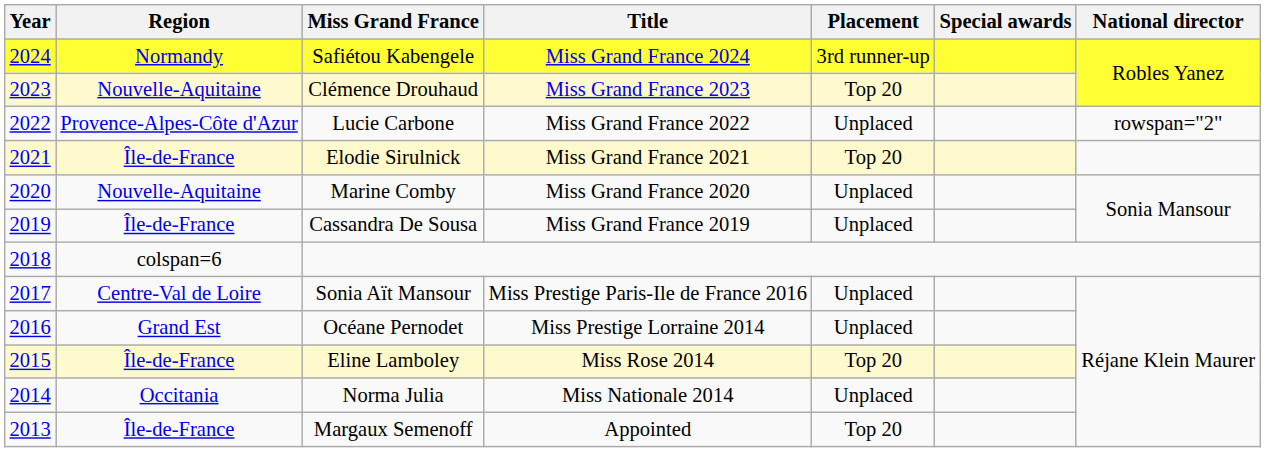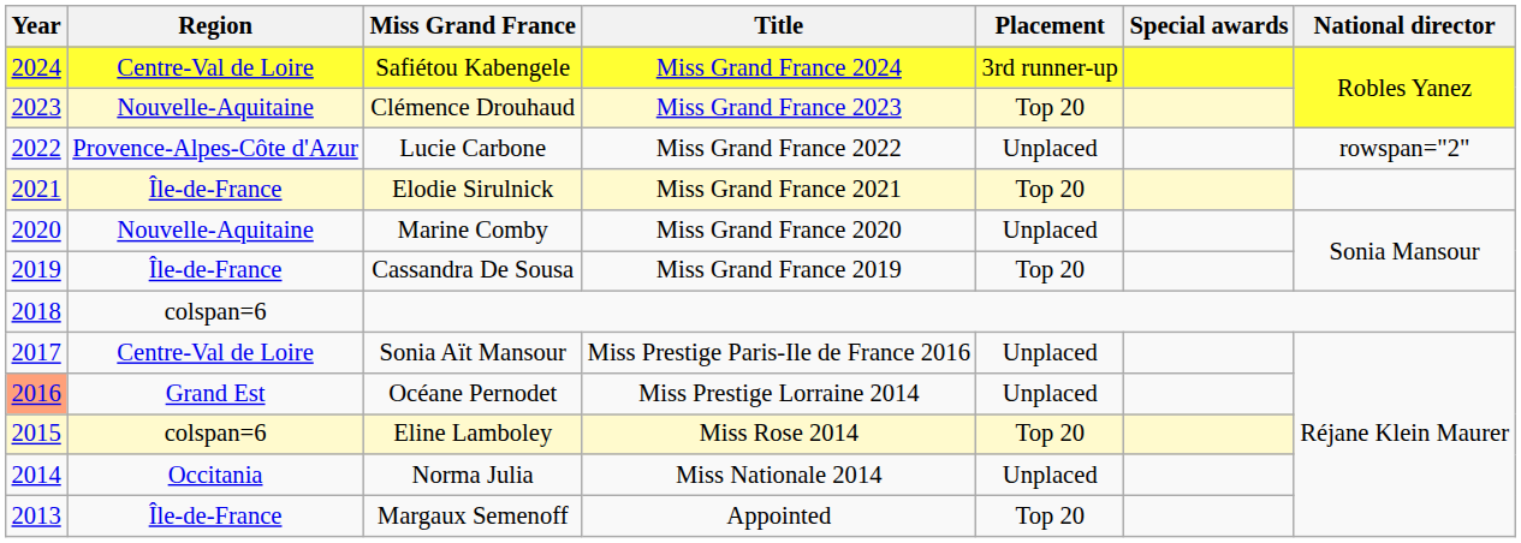 <table class="wikitable" style="font-size: 90%; text-align:center">
 <tr>
 <th>Year</th>
 <th>Region</th>
 <th>Miss Grand France</th>
 <th>Title</th>
 <th>Placement</th>
 <th>Special awards</th>
 <th>National director</th>
 </tr>
 <tr bgcolor=#FFFF33>
 <td><a href='#'>2024</a></td>
-<td><a href='#'>Normandy</a></td>
+<td><a href='#'>Centre-Val de Loire</a></td>
 <td>Safiétou Kabengele</td>
 <td><a href='#'>Miss Grand France 2024</a></td>
 <td>3rd runner-up</td>
 <td></td>
 <td rowspan="2">Robles Yanez</td>
 </tr>
 <tr bgcolor=#FFFACD>
 <td><a href='#'>2023</a></td>
 <td><a href='#'>Nouvelle-Aquitaine</a></td>
 <td>Clémence Drouhaud</td>
 <td><a href='#'>Miss Grand France 2023</a></td>
 <td>Top 20</td>
 <td></td>
 </tr>
 <tr>
 <td><a href='#'>2022</a></td>
 <td><a href='#'>Provence-Alpes-Côte d'Azur</a></td>
 <td>Lucie Carbone</td>
 <td>Miss Grand France 2022</td>
 <td>Unplaced</td>
 <td></td>
 <td>rowspan="2" </td>
 </tr>
 <tr bgcolor=#FFFACD>
 <td><a href='#'>2021</a></td>
 <td><a href='#'>Île-de-France</a></td>
 <td>Elodie Sirulnick</td>
 <td>Miss Grand France 2021</td>
 <td>Top 20</td>
 <td></td>
 </tr>
 <tr>
 <td><a href='#'>2020</a></td>
 <td><a href='#'>Nouvelle-Aquitaine</a></td>
 <td>Marine Comby</td>
 <td>Miss Grand France 2020</td>
 <td>Unplaced</td>
 <td></td>
 <td rowspan="2">Sonia Mansour</td>
 </tr>
 <tr>
 <td><a href='#'>2019</a></td>
 <td><a href='#'>Île-de-France</a></td>
 <td>Cassandra De Sousa</td>
 <td>Miss Grand France 2019</td>
-<td>Unplaced</td>
+<td>Top 20</td>
 <td></td>
 </tr>
 <tr>
 <td><a href='#'>2018</a></td>
 <td>colspan=6</td>
 </tr>
 <tr>
 <td><a href='#'>2017</a></td>
 <td><a href='#'>Centre-Val de Loire</a></td>
 <td>Sonia Aït Mansour</td>
 <td>Miss Prestige Paris-Ile de France 2016</td>
 <td>Unplaced</td>
 <td></td>
 <td rowspan="5">Réjane Klein Maurer</td>
 </tr>
 <tr>
-<td><a href='#'>2016</a></td>
+<td style="background: lightsalmon;"><a href='#'>2016</a></td>
 <td><a href='#'>Grand Est</a></td>
 <td>Océane Pernodet</td>
 <td>Miss Prestige Lorraine 2014</td>
 <td>Unplaced</td>
 <td></td>
 </tr>
 <tr bgcolor=#FFFACD>
 <td><a href='#'>2015</a></td>
-<td><a href='#'>Île-de-France</a></td>
+<td>colspan=6</td>
 <td>Eline Lamboley</td>
 <td>Miss Rose 2014</td>
 <td>Top 20</td>
 <td></td>
 </tr>
 <tr>
 <td><a href='#'>2014</a></td>
 <td><a href='#'>Occitania</a></td>
 <td>Norma Julia</td>
 <td>Miss Nationale 2014</td>
 <td>Unplaced</td>
 <td></td>
 </tr>
 <tr>
 <td><a href='#'>2013</a></td>
 <td><a href='#'>Île-de-France</a></td>
 <td>Margaux Semenoff</td>
 <td>Appointed</td>
 <td>Top 20</td>
 <td></td>
 </tr>
 </table>
